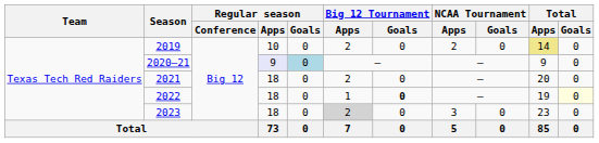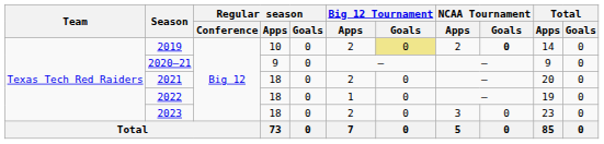 <table class="wikitable" style="text-align: center;">
 <tr>
 <th rowspan="2">Team</th>
 <th rowspan="2">Season</th>
 <th colspan="3">Regular season</th>
 <th colspan="2"><a href='#'>Big 12 Tournament</a></th>
 <th colspan="2">NCAA Tournament</th>
 <th colspan="2">Total</th>
 </tr>
 <tr>
 <th>Conference</th>
 <th>Apps</th>
 <th>Goals</th>
 <th>Apps</th>
 <th>Goals</th>
 <th>Apps</th>
 <th>Goals</th>
 <th>Apps</th>
 <th>Goals</th>
 </tr>
 <tr>
 <td rowspan="5"><a href='#'>Texas Tech Red Raiders</a></td>
 <td><a href='#'>2019</a></td>
 <td rowspan="5"><a href='#'>Big 12</a></td>
 <td>10</td>
 <td>0</td>
 <td>2</td>
-<td>0</td>
+<td style="background: khaki;">0</td>
 <td>2</td>
-<td>0</td>
-<td style="background: khaki;">14</td>
+<td><strong>0</strong></td>
+<td>14</td>
 <td>0</td>
 </tr>
 <tr>
 <td><a href='#'>2020–21</a></td>
-<td style="background: lavender;">9</td>
-<td style="background: lightblue;">0</td>
+<td>9</td>
+<td>0</td>
 <td colspan="2">—</td>
 <td colspan="2">—</td>
 <td>9</td>
 <td>0</td>
 </tr>
 <tr>
 <td><a href='#'>2021</a></td>
 <td>18</td>
 <td>0</td>
 <td>2</td>
 <td>0</td>
 <td colspan="2">—</td>
 <td>20</td>
 <td>0</td>
 </tr>
 <tr>
 <td><a href='#'>2022</a></td>
 <td>18</td>
 <td>0</td>
 <td>1</td>
-<td><strong>0</strong></td>
+<td>0</td>
 <td colspan="2">—</td>
 <td>19</td>
-<td style="background: lightyellow;">0</td>
+<td>0</td>
 </tr>
 <tr>
 <td><a href='#'>2023</a></td>
 <td>18</td>
 <td>0</td>
-<td style="background: lightgrey;">2</td>
+<td>2</td>
 <td>0</td>
 <td>3</td>
 <td>0</td>
 <td>23</td>
 <td>0</td>
 </tr>
 <tr>
 <th colspan="3">Total</th>
 <th>73</th>
 <th>0</th>
 <th>7</th>
 <th>0</th>
 <th>5</th>
 <th>0</th>
 <th>85</th>
 <th>0</th>
 </tr>
 </table>
